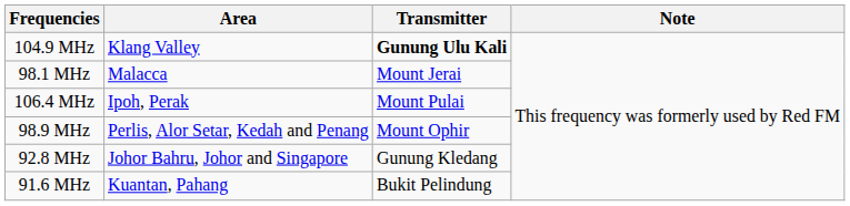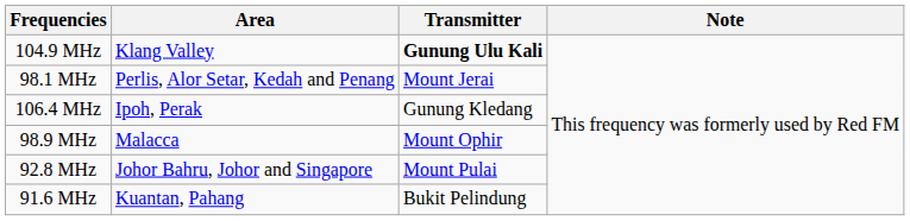 <table class="wikitable">
 <tr>
 <th>Frequencies</th>
 <th>Area</th>
 <th>Transmitter</th>
 <th>Note</th>
 </tr>
 <tr>
 <td style="text-align:center;">104.9 MHz</td>
 <td><a href='#'>Klang Valley</a></td>
 <td><strong>Gunung Ulu Kali</strong></td>
 <td rowspan=6>This frequency was formerly used by Red FM</td>
 </tr>
 <tr>
 <td style="text-align:center;">98.1 MHz</td>
-<td><a href='#'>Malacca</a></td>
+<td><a href='#'>Perlis</a>, <a href='#'>Alor Setar</a>, <a href='#'>Kedah</a> and <a href='#'>Penang</a></td>
 <td><a href='#'>Mount Jerai</a></td>
 </tr>
 <tr>
 <td style="text-align:center;">106.4 MHz</td>
 <td><a href='#'>Ipoh</a>, <a href='#'>Perak</a></td>
-<td><a href='#'>Mount Pulai</a></td>
+<td>Gunung Kledang</td>
 </tr>
 <tr>
 <td style="text-align:center;">98.9 MHz</td>
-<td><a href='#'>Perlis</a>, <a href='#'>Alor Setar</a>, <a href='#'>Kedah</a> and <a href='#'>Penang</a></td>
+<td><a href='#'>Malacca</a></td>
 <td><a href='#'>Mount Ophir</a></td>
 </tr>
 <tr>
 <td style="text-align:center;">92.8 MHz</td>
 <td><a href='#'>Johor Bahru</a>, <a href='#'>Johor</a> and <a href='#'>Singapore</a></td>
-<td>Gunung Kledang</td>
+<td><a href='#'>Mount Pulai</a></td>
 </tr>
 <tr>
 <td style="text-align:center;">91.6 MHz</td>
 <td><a href='#'>Kuantan</a>, <a href='#'>Pahang</a></td>
 <td>Bukit Pelindung</td>
 </tr>
 </table>
